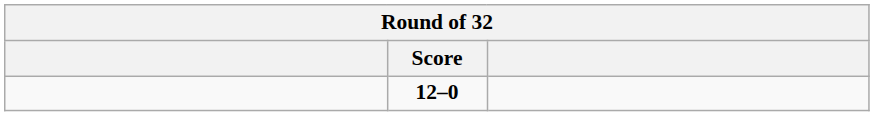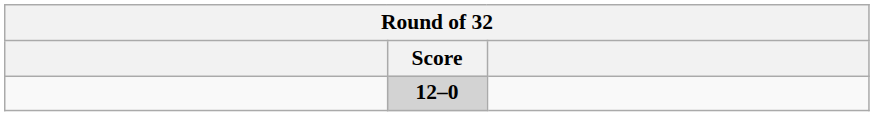 <table class="wikitable" style="text-align: center; font-size:90% ">
 <tr>
 <th colspan=3>Round of 32</th>
 </tr>
 <tr>
 <th align="right" width="250"></th>
 <th width="60">Score</th>
 <th align="left" width="250"></th>
 </tr>
 <tr>
 <td align=left><strong></strong></td>
-<td align=center><strong>12–0</strong></td>
+<td align=center style="background: lightgrey;"><strong>12–0</strong></td>
 <td align=left></td>
 </tr>
 </table>
